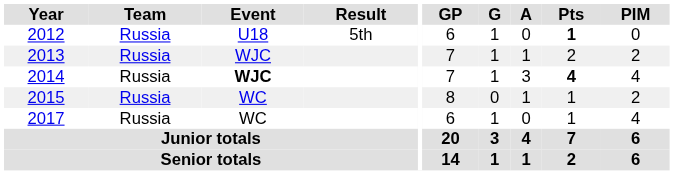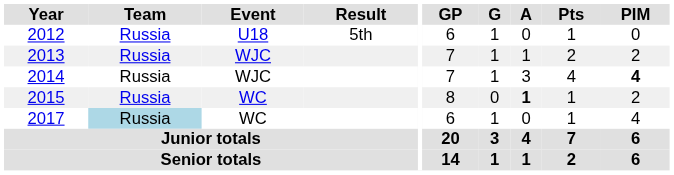 <table border="0" cellpadding="1" cellspacing="0" ID="Table3" style="text-align:center; width:40em">
 <tr ALIGN="center" bgcolor="#e0e0e0">
 <th>Year</th>
 <th>Team</th>
 <th>Event</th>
 <th>Result</th>
 <th rowspan="99" bgcolor="#ffffff"></th>
 <th>GP</th>
 <th>G</th>
 <th>A</th>
 <th>Pts</th>
 <th>PIM</th>
 </tr>
 <tr>
 <td><a href='#'>2012</a></td>
 <td><a href='#'>Russia</a></td>
 <td><a href='#'>U18</a></td>
 <td>5th</td>
 <td>6</td>
 <td>1</td>
 <td>0</td>
-<td><strong>1</strong></td>
+<td>1</td>
 <td>0</td>
 </tr>
 <tr bgcolor="#f0f0f0">
 <td><a href='#'>2013</a></td>
 <td><a href='#'>Russia</a></td>
 <td><a href='#'>WJC</a></td>
 <td></td>
 <td>7</td>
 <td>1</td>
 <td>1</td>
 <td>2</td>
 <td>2</td>
 </tr>
 <tr>
 <td><a href='#'>2014</a></td>
 <td>Russia</td>
-<td><strong>WJC</strong></td>
+<td>WJC</td>
 <td></td>
 <td>7</td>
 <td>1</td>
 <td>3</td>
+<td>4</td>
 <td><strong>4</strong></td>
-<td>4</td>
 </tr>
 <tr bgcolor="#f0f0f0">
 <td><a href='#'>2015</a></td>
 <td><a href='#'>Russia</a></td>
 <td><a href='#'>WC</a></td>
 <td></td>
 <td>8</td>
 <td>0</td>
-<td>1</td>
+<td><strong>1</strong></td>
 <td>1</td>
 <td>2</td>
 </tr>
 <tr>
 <td><a href='#'>2017</a></td>
-<td>Russia</td>
+<td style="background: lightblue;">Russia</td>
 <td>WC</td>
 <td></td>
 <td>6</td>
 <td>1</td>
 <td>0</td>
 <td>1</td>
 <td>4</td>
 </tr>
 <tr bgcolor="#e0e0e0">
 <th colspan="4">Junior totals</th>
 <th>20</th>
 <th>3</th>
 <th>4</th>
 <th>7</th>
 <th>6</th>
 </tr>
 <tr bgcolor="#e0e0e0">
 <th colspan="4">Senior totals</th>
 <th>14</th>
 <th>1</th>
 <th>1</th>
 <th>2</th>
 <th>6</th>
 </tr>
 </table>
